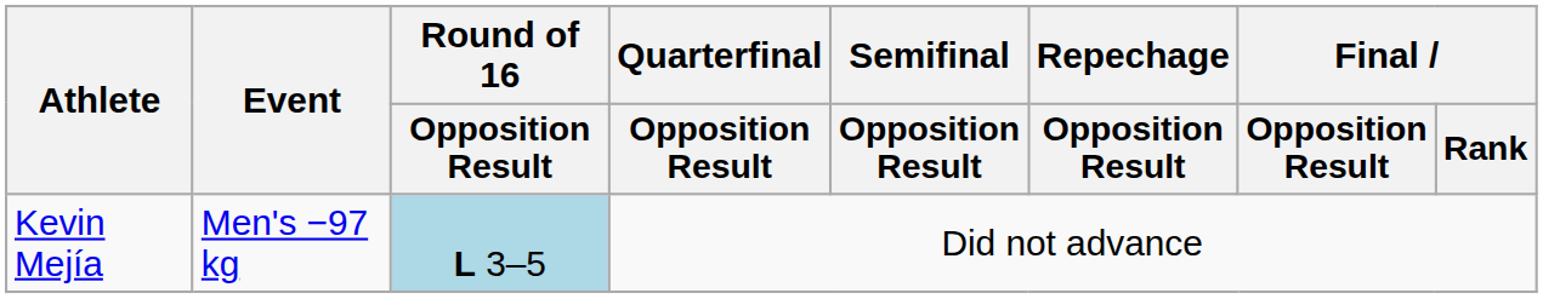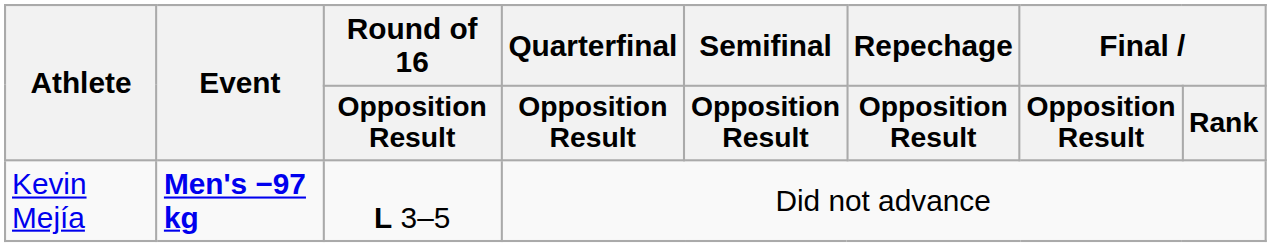 <table class="wikitable" style="font-size:90%">
 <tr>
 <th rowspan=2>Athlete</th>
 <th rowspan=2>Event</th>
 <th>Round of 16</th>
 <th>Quarterfinal</th>
 <th>Semifinal</th>
 <th>Repechage</th>
 <th colspan=2>Final / </th>
 </tr>
 <tr style="font-size: 95%">
 <th>Opposition<br>Result</th>
 <th>Opposition<br>Result</th>
 <th>Opposition<br>Result</th>
 <th>Opposition<br>Result</th>
 <th>Opposition<br>Result</th>
 <th>Rank</th>
 </tr>
 <tr align=center>
 <td align=left><a href='#'>Kevin Mejía</a></td>
-<td align=left><a href='#'>Men's −97 kg</a></td>
-<td style="background: lightblue;"><br><strong>L</strong> 3–5</td>
+<td align=left><strong><a href='#'>Men's −97 kg</a></strong></td>
+<td><br><strong>L</strong> 3–5</td>
 <td colspan=5>Did not advance</td>
 </tr>
 </table>
